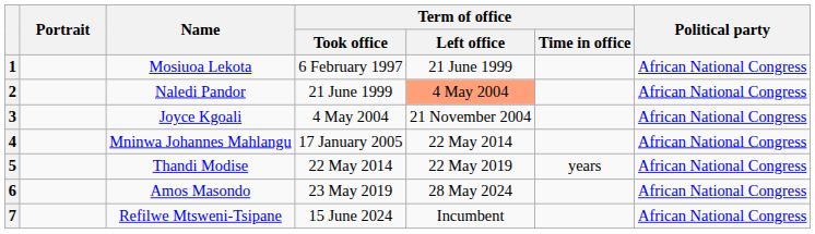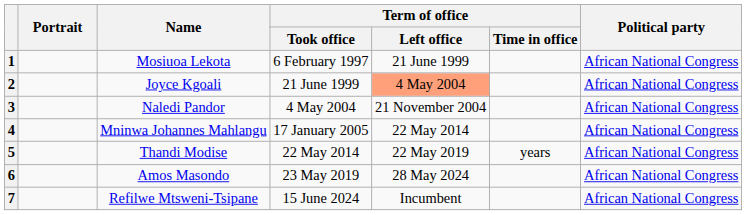 <table class="wikitable" style="text-align:center;">
 <tr>
 <th rowspan=2></th>
 <th rowspan=2 style="width:80px;">Portrait</th>
 <th rowspan=2>Name<br></th>
 <th colspan=3>Term of office</th>
 <th rowspan=2>Political party</th>
 </tr>
 <tr>
 <th>Took office</th>
 <th>Left office</th>
 <th>Time in office</th>
 </tr>
 <tr>
 <th style="background:">1</th>
 <td></td>
 <td><a href='#'>Mosiuoa Lekota</a><br></td>
 <td>6 February 1997</td>
 <td>21 June 1999</td>
 <td></td>
 <td><a href='#'>African National Congress</a></td>
 </tr>
 <tr>
 <th style="background:">2</th>
 <td></td>
-<td><a href='#'>Naledi Pandor</a><br></td>
+<td><a href='#'>Joyce Kgoali</a><br></td>
 <td>21 June 1999</td>
 <td style="background: lightsalmon;">4 May 2004</td>
 <td></td>
 <td><a href='#'>African National Congress</a></td>
 </tr>
 <tr>
 <th style="background:">3</th>
 <td></td>
-<td><a href='#'>Joyce Kgoali</a><br></td>
+<td><a href='#'>Naledi Pandor</a><br></td>
 <td>4 May 2004</td>
 <td>21 November 2004<br></td>
 <td></td>
 <td><a href='#'>African National Congress</a></td>
 </tr>
 <tr>
 <th style="background:">4</th>
 <td></td>
 <td><a href='#'>Mninwa Johannes Mahlangu</a><br></td>
 <td>17 January 2005<br></td>
 <td>22 May 2014</td>
 <td></td>
 <td><a href='#'>African National Congress</a></td>
 </tr>
 <tr>
 <th style="background:">5</th>
 <td></td>
 <td><a href='#'>Thandi Modise</a><br></td>
 <td>22 May 2014</td>
 <td>22 May 2019</td>
 <td> years</td>
 <td><a href='#'>African National Congress</a></td>
 </tr>
 <tr>
 <th style="background:">6</th>
 <td></td>
 <td><a href='#'>Amos Masondo</a><br></td>
 <td>23 May 2019</td>
 <td>28 May 2024</td>
 <td></td>
 <td><a href='#'>African National Congress</a></td>
 </tr>
 <tr>
 <th style="background:">7</th>
 <td></td>
 <td><a href='#'>Refilwe Mtsweni-Tsipane</a><br></td>
 <td>15 June 2024</td>
 <td>Incumbent</td>
 <td></td>
 <td><a href='#'>African National Congress</a></td>
 </tr>
 </table>
